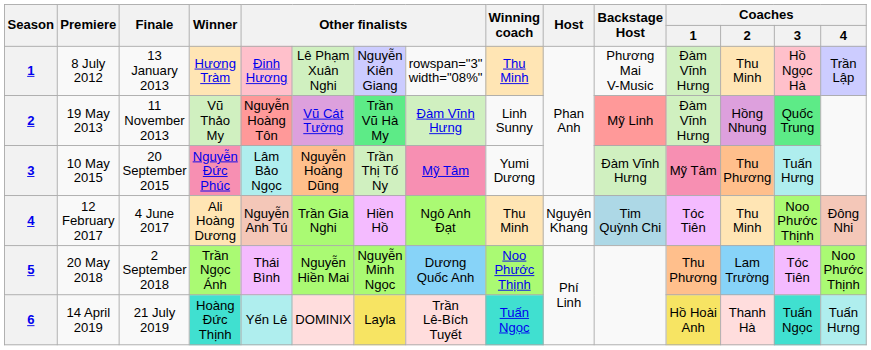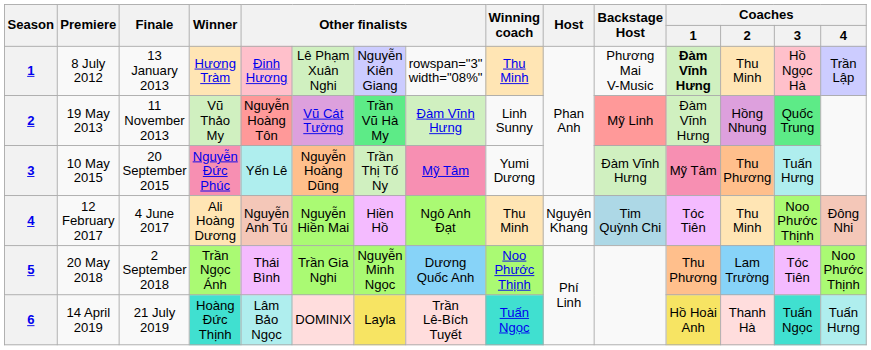 <table class="wikitable" style="text-align:center; font-size:90%; line-height:16px;" width="100%">
 <tr>
 <th rowspan="2" scope="col" width="04%">Season</th>
 <th rowspan="2" scope="col" width="07%">Premiere</th>
 <th rowspan="2" scope="col" width="07%">Finale</th>
 <th rowspan="2" scope="col" width="09%">Winner</th>
 <th rowspan="2" scope="col" colspan=4>Other finalists</th>
 <th rowspan="2" scope="col" width="9%">Winning coach</th>
 <th rowspan="2" scope="col" width="7%">Host</th>
 <th rowspan="2" scope="col" width="7%">Backstage Host</th>
 <th colspan="4" scope="col" width="20%">Coaches</th>
 </tr>
 <tr>
 <th width="5%">1</th>
 <th width="5%">2</th>
 <th width="5%">3</th>
 <th width="6%">4</th>
 </tr>
 <tr>
 <th><a href='#'>1</a></th>
 <td>8 July 2012</td>
 <td>13 January 2013</td>
 <td style="background:#ffe5b4;"><a href='#'>Hương Tràm</a></td>
 <td width="08%" style="background:pink;"><a href='#'>Đinh Hương</a></td>
 <td width="08%" style="background:#d0f0c0;">Lê Phạm Xuân Nghi</td>
 <td width="08%" style="background:#ccf;">Nguyễn Kiên Giang</td>
 <td>rowspan="3" width="08%" </td>
 <td style="background:#ffe5b4;"><a href='#'>Thu Minh</a></td>
 <td rowspan="3">Phan Anh</td>
 <td>Phương Mai<br>V-Music</td>
-<td style="background:#d0f0c0;">Đàm Vĩnh Hưng</td>
+<td style="background:#d0f0c0;"><strong>Đàm Vĩnh Hưng</strong></td>
 <td style="background:#ffe5b4;">Thu Minh</td>
 <td style="background:pink;">Hồ Ngọc Hà</td>
 <td style="background:#ccf;">Trần Lập</td>
 </tr>
 <tr>
 <th><a href='#'>2</a></th>
 <td>19 May 2013</td>
 <td>11 November 2013</td>
 <td style="background:#d0f0c0;">Vũ Thảo My</td>
 <td style="background:#ff9999;">Nguyễn Hoàng Tôn</td>
 <td style="background:#dda0dd;"><a href='#'>Vũ Cát Tường</a></td>
 <td style="background:#5deb87;">Trần Vũ Hà My</td>
 <td style="background:#d0f0c0;"><a href='#'>Đàm Vĩnh Hưng</a></td>
 <td>Linh Sunny</td>
 <td style="background:#ff9999">Mỹ Linh</td>
 <td style="background:#d0f0c0;">Đàm Vĩnh Hưng</td>
 <td style="background:#dda0dd;">Hồng Nhung</td>
 <td style="background:#5deb87;">Quốc Trung</td>
 </tr>
 <tr>
 <th><a href='#'>3</a></th>
 <td>10 May 2015</td>
 <td>20 September 2015</td>
 <td style="background:#F78FB2;"><a href='#'>Nguyễn Đức Phúc</a></td>
-<td style="background:#afeeee;">Lâm Bảo Ngọc</td>
+<td style="background:#afeeee;">Yến Lê</td>
 <td style="background:#ffbf8c;">Nguyễn Hoàng Dũng</td>
 <td style="background:#d0f0c0;">Trần Thị Tố Ny</td>
 <td style="background:#F78FB2;"><a href='#'>Mỹ Tâm</a></td>
 <td>Yumi Dương</td>
 <td style="background:#d0f0c0;">Đàm Vĩnh Hưng</td>
 <td style="background:#F78FB2;">Mỹ Tâm</td>
 <td style="background:#ffbf8c;">Thu Phương</td>
 <td style="background:#afeeee;">Tuấn Hưng</td>
 </tr>
 <tr>
 <th scope="row"><a href='#'>4</a></th>
 <td>12 February 2017</td>
 <td>4 June 2017</td>
 <td style="background:#ffe5b4;">Ali Hoàng Dương</td>
 <td style="background:#f4c7b8;">Nguyễn Anh Tú</td>
-<td style="background:#aafa73;">Trần Gia Nghi</td>
+<td style="background:#aafa73;">Nguyễn Hiền Mai</td>
 <td style="background:#f4bbff;">Hiền Hồ</td>
 <td style="background:#aafa73;">Ngô Anh Đạt</td>
 <td style="background:#ffe5b4;">Thu Minh</td>
 <td>Nguyên Khang</td>
 <td style="background: lightblue;">Tim<br>Quỳnh Chi</td>
 <td style="background:#f4bbff;">Tóc Tiên</td>
 <td style="background:#ffe5b4;">Thu Minh</td>
 <td style="background:#aafa73;">Noo Phước Thịnh</td>
 <td style="background:#f4c7b8;">Đông Nhi</td>
 </tr>
 <tr>
 <th scope="row"><a href='#'>5</a></th>
 <td>20 May 2018</td>
 <td>2 September 2018</td>
 <td style="background:#aafa73;">Trần Ngọc Ánh</td>
 <td style="background:#f4bbff;"> Thái Bình</td>
-<td style="background:#aafa73;">Nguyễn Hiền Mai</td>
+<td style="background:#aafa73;">Trần Gia Nghi</td>
 <td style="background:#aafa73;">Nguyễn Minh Ngọc</td>
 <td style="background:#87D3F8;">Dương Quốc Anh</td>
 <td style="background:#aafa73;"><a href='#'>Noo Phước Thịnh</a></td>
 <td rowspan="2">Phí Linh</td>
 <td rowspan="2"></td>
 <td style="background:#ffbf8c;">Thu Phương</td>
 <td style="background:#87D3F8;">Lam Trường</td>
 <td style="background:#f4bbff;">Tóc Tiên</td>
 <td style="background:#aafa73;">Noo Phước Thịnh</td>
 </tr>
 <tr>
 <th scope="row"><a href='#'>6</a></th>
 <td>14 April 2019</td>
 <td>21 July 2019</td>
 <td style="background:turquoise;">Hoàng Đức Thịnh</td>
-<td style="background:#afeeee;">Yến Lê</td>
+<td style="background:#afeeee;">Lâm Bảo Ngọc</td>
 <td style="background:#ffdddd;">DOMINIX</td>
 <td style="background:#f7e463;">Layla</td>
 <td style="background:#ffdddd;">Trần <br>Lê-Bích <br>Tuyết</td>
 <td style="background:turquoise;"><a href='#'>Tuấn Ngọc</a></td>
 <td style="background:#f7e463;">Hồ Hoài Anh</td>
 <td style="background:#ffdddd;">Thanh Hà</td>
 <td style="background:turquoise;">Tuấn Ngọc</td>
 <td style="background:#afeeee;">Tuấn Hưng</td>
 </tr>
 </table>
